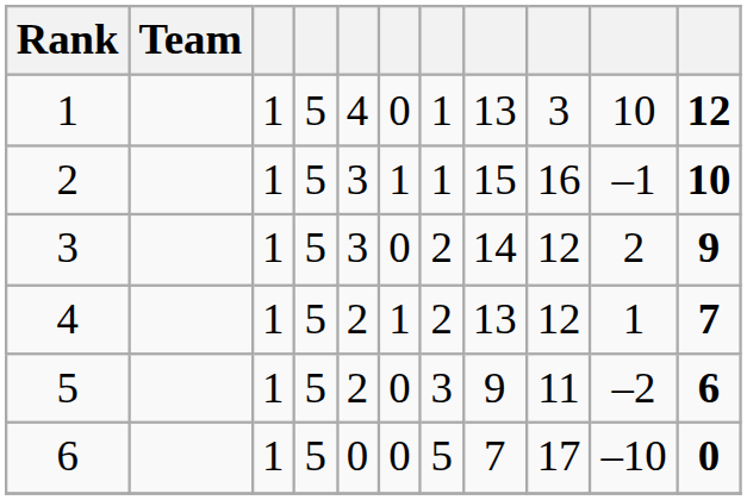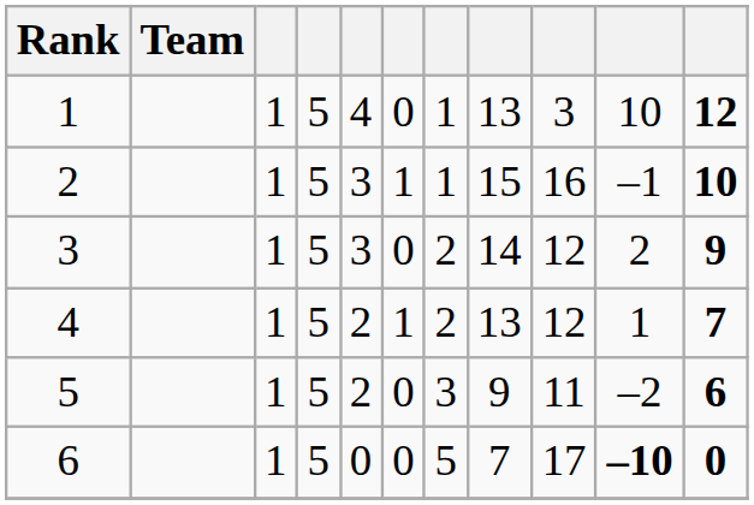 <table class="wikitable sortable" style="text-align:center">
 <tr>
 <th>Rank</th>
 <th>Team</th>
 <th></th>
 <th></th>
 <th></th>
 <th></th>
 <th></th>
 <th></th>
 <th></th>
 <th></th>
 <th></th>
 </tr>
 <tr>
 <td>1</td>
 <td style="text-align:left;"></td>
 <td>1</td>
 <td>5</td>
 <td>4</td>
 <td>0</td>
 <td>1</td>
 <td>13</td>
 <td>3</td>
 <td>10</td>
 <td><strong>12</strong></td>
 </tr>
 <tr>
 <td>2</td>
 <td style="text-align:left;"></td>
 <td>1</td>
 <td>5</td>
 <td>3</td>
 <td>1</td>
 <td>1</td>
 <td>15</td>
 <td>16</td>
 <td>–1</td>
 <td><strong>10</strong></td>
 </tr>
 <tr>
 <td>3</td>
 <td style="text-align:left;"></td>
 <td>1</td>
 <td>5</td>
 <td>3</td>
 <td>0</td>
 <td>2</td>
 <td>14</td>
 <td>12</td>
 <td>2</td>
 <td><strong>9</strong></td>
 </tr>
 <tr>
 <td>4</td>
 <td style="text-align:left;"></td>
 <td>1</td>
 <td>5</td>
 <td>2</td>
 <td>1</td>
 <td>2</td>
 <td>13</td>
 <td>12</td>
 <td>1</td>
 <td><strong>7</strong></td>
 </tr>
 <tr>
 <td>5</td>
 <td style="text-align:left;"></td>
 <td>1</td>
 <td>5</td>
 <td>2</td>
 <td>0</td>
 <td>3</td>
 <td>9</td>
 <td>11</td>
 <td>–2</td>
 <td><strong>6</strong></td>
 </tr>
 <tr>
 <td>6</td>
 <td style="text-align:left;"></td>
 <td>1</td>
 <td>5</td>
 <td>0</td>
 <td>0</td>
 <td>5</td>
 <td>7</td>
 <td>17</td>
-<td>–10</td>
+<td><strong>–10</strong></td>
 <td><strong>0</strong></td>
 </tr>
 <tr>
 </tr>
 </table>
